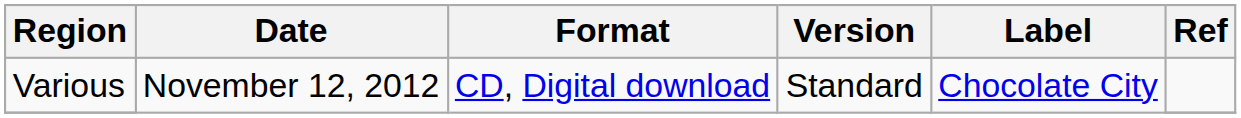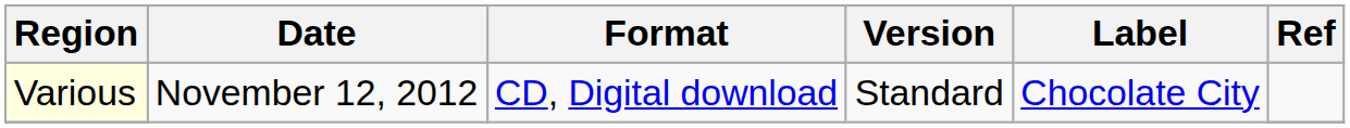 <table class="wikitable sortable">
 <tr>
 <th>Region</th>
 <th>Date</th>
 <th>Format</th>
 <th>Version</th>
 <th>Label</th>
 <th>Ref</th>
 </tr>
 <tr>
-<td>Various</td>
+<td style="background: lightyellow;">Various</td>
 <td rowspan="2">November 12, 2012</td>
 <td rowspan="2"><a href='#'>CD</a>, <a href='#'>Digital download</a></td>
 <td rowspan="2">Standard</td>
 <td rowspan ="2"><a href='#'>Chocolate City</a></td>
 <td></td>
 </tr>
 <tr>
 </tr>
 </table>
